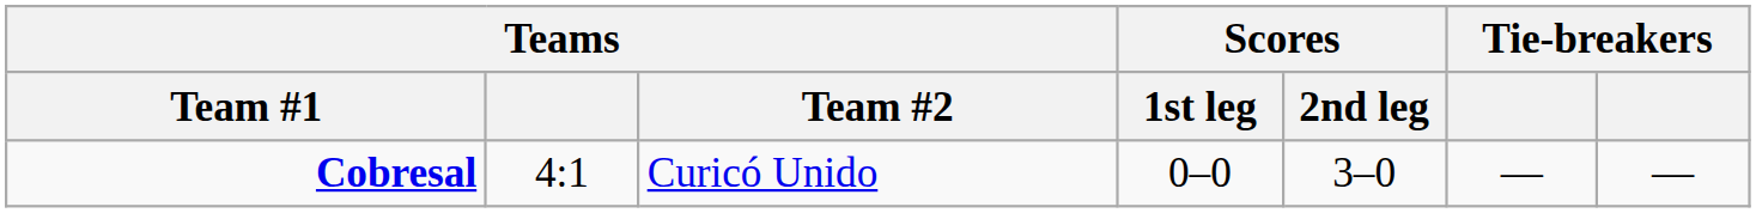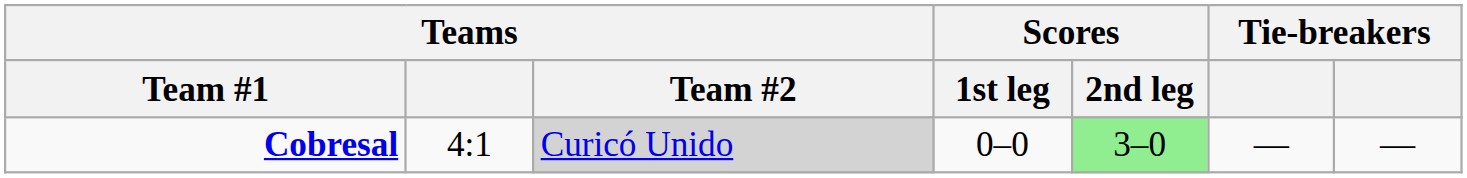 <table class="wikitable" style="text-align:center;">
 <tr>
 <th colspan=3>Teams</th>
 <th colspan=2>Scores</th>
 <th colspan=3>Tie-breakers</th>
 </tr>
 <tr>
 <th width="175">Team #1</th>
 <th width="50"></th>
 <th width="175">Team #2</th>
 <th width="55">1st leg</th>
 <th width="55">2nd leg</th>
 <th width="50"></th>
 <th width="50"></th>
 </tr>
 <tr>
 <td align=right><strong><a href='#'>Cobresal</a></strong></td>
 <td>4:1</td>
-<td align=left><a href='#'>Curicó Unido</a></td>
+<td align=left style="background: lightgrey;"><a href='#'>Curicó Unido</a></td>
 <td>0–0</td>
-<td>3–0</td>
+<td style="background: lightgreen;">3–0</td>
 <td>—</td>
 <td>—</td>
 </tr>
 </table>
